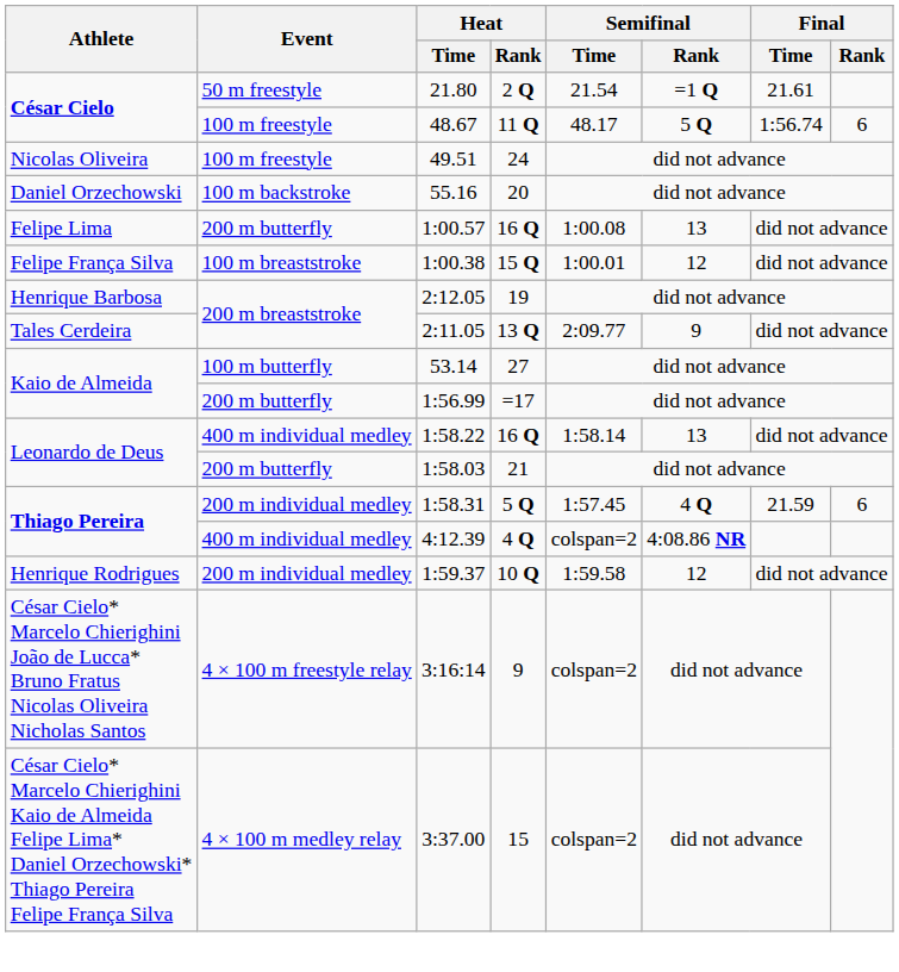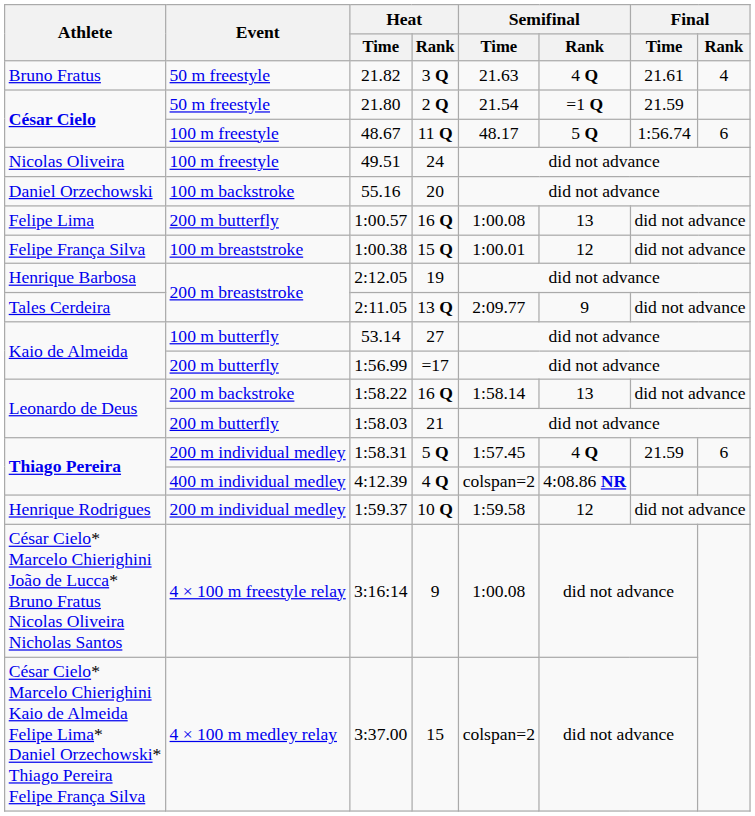 <table class=wikitable style="font-size:90%">
 <tr>
 <th rowspan="2">Athlete</th>
 <th rowspan="2">Event</th>
 <th colspan="2">Heat</th>
 <th colspan="2">Semifinal</th>
 <th colspan="2">Final</th>
 </tr>
 <tr style="font-size:95%">
 <th>Time</th>
 <th>Rank</th>
 <th>Time</th>
 <th>Rank</th>
 <th>Time</th>
 <th>Rank</th>
 </tr>
 <tr align=center>
+<td align=left><a href='#'>Bruno Fratus</a></td>
+<td align=left><a href='#'>50 m freestyle</a></td>
+<td>21.82</td>
+<td>3 <strong>Q</strong></td>
+<td>21.63</td>
+<td>4 <strong>Q</strong></td>
+<td>21.61</td>
+<td>4</td>
+</tr>
+<tr align=center>
 <td align=left rowspan=2><strong><a href='#'>César Cielo</a></strong></td>
 <td align=left><a href='#'>50 m freestyle</a></td>
 <td>21.80</td>
 <td>2 <strong>Q</strong></td>
 <td>21.54</td>
 <td>=1 <strong>Q</strong></td>
-<td>21.61</td>
+<td>21.59</td>
 <td></td>
 </tr>
 <tr align=center>
 <td align=left><a href='#'>100 m freestyle</a></td>
 <td>48.67</td>
 <td>11 <strong>Q</strong></td>
 <td>48.17</td>
 <td>5 <strong>Q</strong></td>
 <td>1:56.74</td>
 <td>6</td>
 </tr>
 <tr align=center>
 <td align=left><a href='#'>Nicolas Oliveira</a></td>
 <td align=left><a href='#'>100 m freestyle</a></td>
 <td>49.51</td>
 <td>24</td>
 <td colspan=4>did not advance</td>
 </tr>
 <tr align=center>
 <td align=left><a href='#'>Daniel Orzechowski</a></td>
 <td align=left><a href='#'>100 m backstroke</a></td>
 <td>55.16</td>
 <td>20</td>
 <td colspan=4>did not advance</td>
 </tr>
 <tr align=center>
 <td align=left><a href='#'>Felipe Lima</a></td>
 <td align=left><a href='#'>200 m butterfly</a></td>
 <td>1:00.57</td>
 <td>16 <strong>Q</strong></td>
 <td>1:00.08</td>
 <td>13</td>
 <td colspan=2>did not advance</td>
 </tr>
 <tr align=center>
 <td align=left><a href='#'>Felipe França Silva</a></td>
 <td align=left><a href='#'>100 m breaststroke</a></td>
 <td>1:00.38</td>
 <td>15 <strong>Q</strong></td>
 <td>1:00.01</td>
 <td>12</td>
 <td colspan=2>did not advance</td>
 </tr>
 <tr align=center>
 <td align=left><a href='#'>Henrique Barbosa</a></td>
 <td align=left rowspan=2><a href='#'>200 m breaststroke</a></td>
 <td>2:12.05</td>
 <td>19</td>
 <td colspan=4>did not advance</td>
 </tr>
 <tr align=center>
 <td align=left><a href='#'>Tales Cerdeira</a></td>
 <td>2:11.05</td>
 <td>13 <strong>Q</strong></td>
 <td>2:09.77</td>
 <td>9</td>
 <td colspan=2>did not advance</td>
 </tr>
 <tr align=center>
 <td align=left rowspan=2><a href='#'>Kaio de Almeida</a></td>
 <td align=left><a href='#'>100 m butterfly</a></td>
 <td>53.14</td>
 <td>27</td>
 <td colspan=4>did not advance</td>
 </tr>
 <tr align=center>
 <td align=left><a href='#'>200 m butterfly</a></td>
 <td>1:56.99</td>
 <td>=17</td>
 <td colspan=4>did not advance</td>
 </tr>
 <tr align=center>
 <td align=left rowspan=2><a href='#'>Leonardo de Deus</a></td>
-<td align=left><a href='#'>400 m individual medley</a></td>
+<td align=left><a href='#'>200 m backstroke</a></td>
 <td>1:58.22</td>
 <td>16 <strong>Q</strong></td>
 <td>1:58.14</td>
 <td>13</td>
 <td colspan=2>did not advance</td>
 </tr>
 <tr align=center>
 <td align=left><a href='#'>200 m butterfly</a></td>
 <td>1:58.03</td>
 <td>21</td>
 <td colspan=4>did not advance</td>
 </tr>
 <tr align=center>
 <td align=left rowspan=2><strong><a href='#'>Thiago Pereira</a></strong></td>
 <td align=left><a href='#'>200 m individual medley</a></td>
 <td>1:58.31</td>
 <td>5 <strong>Q</strong></td>
 <td>1:57.45</td>
 <td>4 <strong>Q</strong></td>
 <td>21.59</td>
 <td>6</td>
 </tr>
 <tr align=center>
 <td align=left><a href='#'>400 m individual medley</a></td>
 <td>4:12.39</td>
 <td>4 <strong>Q</strong></td>
 <td>colspan=2 </td>
 <td>4:08.86 <strong><a href='#'>NR</a></strong></td>
 <td></td>
 </tr>
 <tr align=center>
 <td align=left><a href='#'>Henrique Rodrigues</a></td>
 <td align=left><a href='#'>200 m individual medley</a></td>
 <td>1:59.37</td>
 <td>10 <strong>Q</strong></td>
 <td>1:59.58</td>
 <td>12</td>
 <td colspan=2>did not advance</td>
 </tr>
 <tr align=center>
 <td align=left><a href='#'>César Cielo</a>*<br><a href='#'>Marcelo Chierighini</a><br><a href='#'>João de Lucca</a>*<br><a href='#'>Bruno Fratus</a><br><a href='#'>Nicolas Oliveira</a><br><a href='#'>Nicholas Santos</a></td>
 <td align=left><a href='#'>4 × 100 m freestyle relay</a></td>
 <td>3:16:14</td>
 <td>9</td>
-<td>colspan=2 </td>
+<td>1:00.08</td>
 <td colspan=2>did not advance</td>
 </tr>
 <tr align=center>
 <td align=left><a href='#'>César Cielo</a>*<br><a href='#'>Marcelo Chierighini</a><br><a href='#'>Kaio de Almeida</a><br><a href='#'>Felipe Lima</a>*<br><a href='#'>Daniel Orzechowski</a>*<br><a href='#'>Thiago Pereira</a><br><a href='#'>Felipe França Silva</a></td>
 <td align=left><a href='#'>4 × 100 m medley relay</a></td>
 <td>3:37.00</td>
 <td>15</td>
 <td>colspan=2 </td>
 <td colspan=2>did not advance</td>
 </tr>
 </table>
